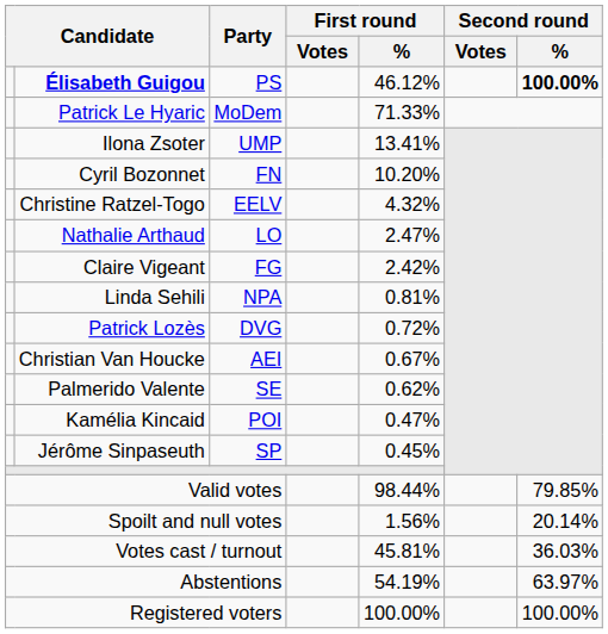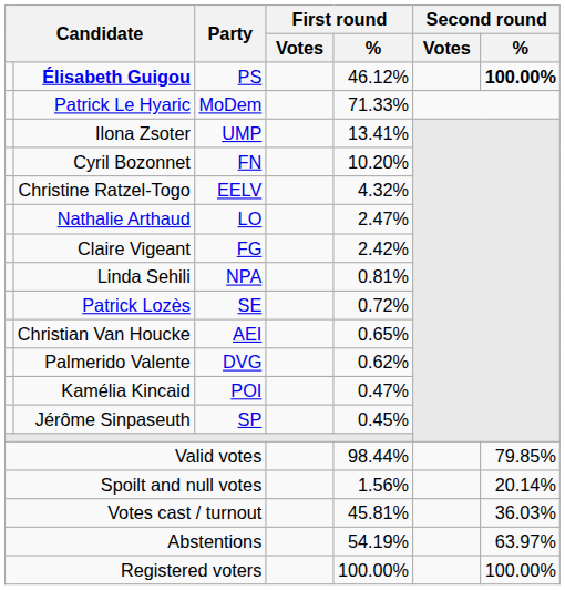 <table class="wikitable" style="text-align:right;font-size:95%;">
 <tr>
 <th rowspan=2 colspan=2>Candidate</th>
 <th rowspan=2 colspan=1>Party</th>
 <th colspan=2>First round</th>
 <th colspan=2>Second round</th>
 </tr>
 <tr>
 <th style="width:50px;">Votes</th>
 <th style="width:55px;">%</th>
 <th style="width:50px;">Votes</th>
 <th style="width:55px;">%</th>
 </tr>
 <tr>
 <td style="color:inherit;background-color:"></td>
 <td><strong><a href='#'>Élisabeth Guigou</a></strong></td>
 <td><a href='#'>PS</a></td>
 <td></td>
 <td>46.12%</td>
 <td><strong></strong></td>
 <td><strong>100.00%</strong></td>
 </tr>
 <tr>
 <td style="color:inherit;background-color:"></td>
 <td><a href='#'>Patrick Le Hyaric</a></td>
 <td><a href='#'>MoDem</a></td>
 <td></td>
 <td>71.33%</td>
 <td colspan=2></td>
 </tr>
 <tr>
 <td style="color:inherit;background-color:"></td>
 <td>Ilona Zsoter</td>
 <td><a href='#'>UMP</a></td>
 <td></td>
 <td>13.41%</td>
 <td colspan=7 rowspan=12 style="background-color:#E9E9E9;"></td>
 </tr>
 <tr>
 <td style="color:inherit;background-color:"></td>
 <td>Cyril Bozonnet</td>
 <td><a href='#'>FN</a></td>
 <td></td>
 <td>10.20%</td>
 </tr>
 <tr>
 <td style="color:inherit;background-color:"></td>
 <td>Christine Ratzel-Togo</td>
 <td><a href='#'>EELV</a></td>
 <td></td>
 <td>4.32%</td>
 </tr>
 <tr>
 <td style="color:inherit;background-color:"></td>
 <td><a href='#'>Nathalie Arthaud</a></td>
 <td><a href='#'>LO</a></td>
 <td></td>
 <td>2.47%</td>
 </tr>
 <tr>
 <td style="color:inherit;background-color:"></td>
 <td>Claire Vigeant</td>
 <td><a href='#'>FG</a></td>
 <td></td>
 <td>2.42%</td>
 </tr>
 <tr>
 <td style="color:inherit;background-color:"></td>
 <td>Linda Sehili</td>
 <td><a href='#'>NPA</a></td>
 <td></td>
 <td>0.81%</td>
 </tr>
 <tr>
 <td style="color:inherit;background-color:"></td>
 <td><a href='#'>Patrick Lozès</a></td>
-<td><a href='#'>DVG</a></td>
+<td><a href='#'>SE</a></td>
 <td></td>
 <td>0.72%</td>
 </tr>
 <tr>
 <td style="color:inherit;background-color:"></td>
 <td>Christian Van Houcke</td>
 <td><a href='#'>AEI</a></td>
 <td></td>
-<td>0.67%</td>
+<td>0.65%</td>
 </tr>
 <tr>
 <td style="color:inherit;background-color:"></td>
 <td>Palmerido Valente</td>
-<td><a href='#'>SE</a></td>
+<td><a href='#'>DVG</a></td>
 <td></td>
 <td>0.62%</td>
 </tr>
 <tr>
 <td style="color:inherit;background-color:"></td>
 <td>Kamélia Kincaid</td>
 <td><a href='#'>POI</a></td>
 <td></td>
 <td>0.47%</td>
 </tr>
 <tr>
 <td style="color:inherit;background-color:"></td>
 <td>Jérôme Sinpaseuth</td>
 <td><a href='#'>SP</a></td>
 <td></td>
 <td>0.45%</td>
 </tr>
 <tr>
 <td colspan=7 style="background-color:#E9E9E9;"></td>
 </tr>
 <tr>
 <td colspan=3>Valid votes</td>
 <td></td>
 <td>98.44%</td>
 <td></td>
 <td>79.85%</td>
 </tr>
 <tr>
 <td colspan=3>Spoilt and null votes</td>
 <td></td>
 <td>1.56%</td>
 <td></td>
 <td>20.14%</td>
 </tr>
 <tr>
 <td colspan=3>Votes cast / turnout</td>
 <td></td>
 <td>45.81%</td>
 <td></td>
 <td>36.03%</td>
 </tr>
 <tr>
 <td colspan=3>Abstentions</td>
 <td></td>
 <td>54.19%</td>
 <td></td>
 <td>63.97%</td>
 </tr>
 <tr>
 <td colspan=3>Registered voters</td>
 <td></td>
 <td>100.00%</td>
 <td></td>
 <td>100.00%</td>
 </tr>
 </table>
